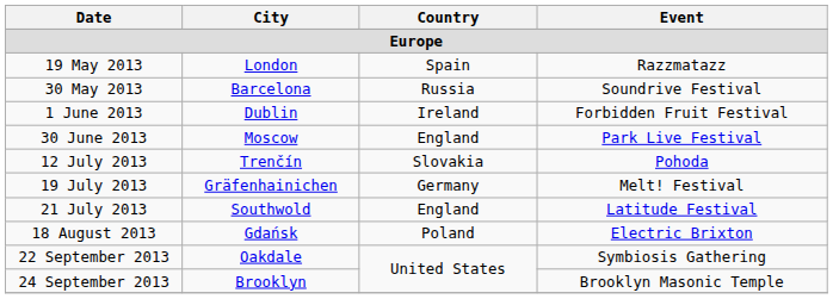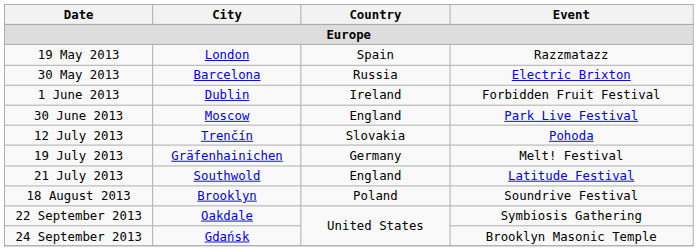 <table class="wikitable" style="text-align:center">
 <tr>
 <th width="150">Date</th>
 <th width="150">City</th>
 <th width="150">Country</th>
 <th width="250">Event</th>
 </tr>
 <tr>
 </tr>
 <tr style="background:#ddd;">
 <td colspan="5"><strong>Europe</strong></td>
 </tr>
 <tr>
 <td>19 May 2013</td>
 <td><a href='#'>London</a></td>
 <td>Spain</td>
 <td>Razzmatazz</td>
 </tr>
 <tr>
 <td>30 May 2013</td>
 <td><a href='#'>Barcelona</a></td>
 <td>Russia</td>
-<td>Soundrive Festival</td>
+<td><a href='#'>Electric Brixton</a></td>
 </tr>
 <tr>
 <td>1 June 2013</td>
 <td><a href='#'>Dublin</a></td>
 <td>Ireland</td>
 <td>Forbidden Fruit Festival</td>
 </tr>
 <tr>
 <td>30 June 2013</td>
 <td><a href='#'>Moscow</a></td>
 <td>England</td>
 <td><a href='#'>Park Live Festival</a></td>
 </tr>
 <tr>
 <td>12 July 2013</td>
 <td><a href='#'>Trenčín</a></td>
 <td>Slovakia</td>
 <td><a href='#'>Pohoda</a></td>
 </tr>
 <tr>
 <td>19 July 2013</td>
 <td><a href='#'>Gräfenhainichen</a></td>
 <td>Germany</td>
 <td>Melt! Festival</td>
 </tr>
 <tr>
 <td>21 July 2013</td>
 <td><a href='#'>Southwold</a></td>
 <td>England</td>
 <td><a href='#'>Latitude Festival</a></td>
 </tr>
 <tr>
 <td>18 August 2013</td>
-<td><a href='#'>Gdańsk</a></td>
+<td><a href='#'>Brooklyn</a></td>
 <td>Poland</td>
-<td><a href='#'>Electric Brixton</a></td>
+<td>Soundrive Festival</td>
 </tr>
 <tr>
 <td>22 September 2013</td>
 <td><a href='#'>Oakdale</a></td>
 <td rowspan="2">United States</td>
 <td>Symbiosis Gathering</td>
 </tr>
 <tr>
 <td>24 September 2013</td>
-<td><a href='#'>Brooklyn</a></td>
+<td><a href='#'>Gdańsk</a></td>
 <td>Brooklyn Masonic Temple</td>
 </tr>
 <tr>
 </tr>
 </table>
